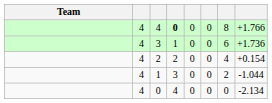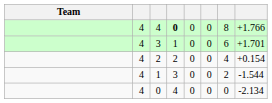 <table class="wikitable" style="text-align:center">
 <tr>
 <th width=200>Team</th>
 <th width=20></th>
 <th width=20></th>
 <th width=20></th>
 <th width=20></th>
 <th width=20></th>
 <th width=20></th>
 <th width=45></th>
 </tr>
 <tr style="background:#cfc;">
 <td align="left"></td>
 <td>4</td>
 <td>4</td>
 <td><strong>0</strong></td>
 <td>0</td>
 <td>0</td>
 <td>8</td>
 <td>+1.766</td>
 </tr>
 <tr style="background:#cfc;">
 <td align="left"></td>
 <td>4</td>
 <td>3</td>
 <td>1</td>
 <td>0</td>
 <td>0</td>
 <td>6</td>
-<td>+1.736</td>
+<td>+1.701</td>
 </tr>
 <tr>
 <td align="left"></td>
 <td>4</td>
 <td>2</td>
 <td>2</td>
 <td>0</td>
 <td>0</td>
 <td>4</td>
 <td>+0.154</td>
 </tr>
 <tr>
 <td align="left"></td>
 <td>4</td>
 <td>1</td>
 <td>3</td>
 <td>0</td>
 <td>0</td>
 <td>2</td>
-<td>-1.044</td>
+<td>-1.544</td>
 </tr>
 <tr>
 <td align="left"></td>
 <td>4</td>
 <td>0</td>
 <td>4</td>
 <td>0</td>
 <td>0</td>
 <td>0</td>
 <td>-2.134</td>
 </tr>
 </table>
